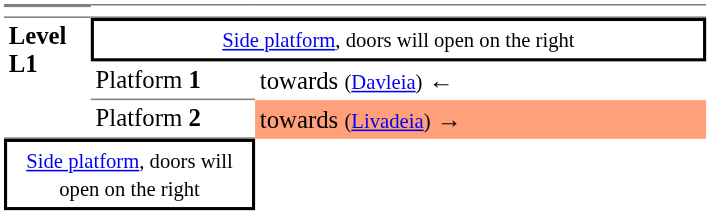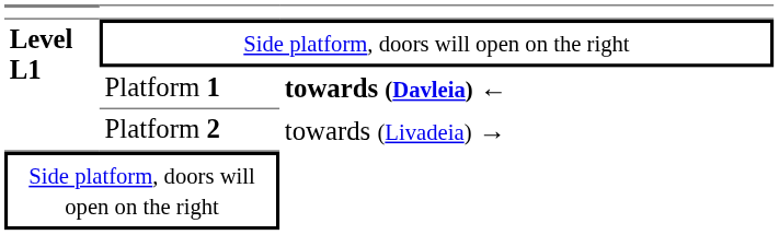 <table table border=0 cellspacing=0 cellpadding=3>
 <tr>
 <td style="border-bottom:solid 1px gray;border-top:solid 2px gray;" width=50 valign=top></td>
 <td style="border-top:solid 1px gray;border-bottom:solid 1px gray;" width=100 valign=top></td>
 <td style="border-top:solid 1px gray;border-bottom:solid 1px gray;" width=285 valign=top></td>
 </tr>
 <tr>
 <td style="border-bottom:solid 1px gray;" rowspan=4 valign=top><strong>Level<br>L1</strong></td>
 <td style="border-top:solid 2px black;border-right:solid 2px black;border-left:solid 2px black;border-bottom:solid 2px black;text-align:center;" colspan=2><small><a href='#'>Side platform</a>, doors will open on the right</small></td>
 </tr>
 <tr>
 <td style="border-bottom:solid 1px gray;">Platform <span><strong>1</strong></span></td>
-<td> towards  <small>(<a href='#'>Davleia</a>)</small> ←</td>
+<td><strong> towards  <small>(<a href='#'>Davleia</a>)</small> ←</strong></td>
 </tr>
 <tr>
 <td style="border-bottom:solid 1px gray;">Platform <span><strong>2</strong></span></td>
-<td style="background: lightsalmon;"> towards  <small>(<a href='#'>Livadeia</a>)</small> →</td>
+<td> towards  <small>(<a href='#'>Livadeia</a>)</small> →</td>
 </tr>
 <tr>
 </tr>
 <tr>
 <td style="border-top:solid 2px black;border-left:solid 2px black;border-right:solid 2px black;border-bottom:solid 2px black;text-align:center;" colspan=2><small><a href='#'>Side platform</a>, doors will open on the right</small></td>
 </tr>
 </table>
